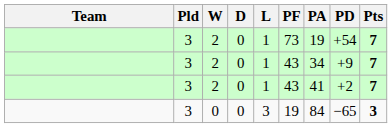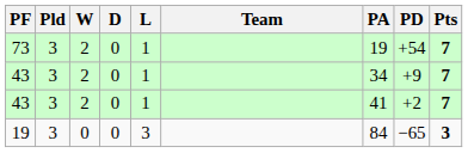 <table class="wikitable" style="text-align:center;">
 <tr>
-<th width=175>Team</th>
+<th width=20 abbr="Points for">PF</th>
 <th width=20 abbr="Played">Pld</th>
 <th width=20 abbr="Won">W</th>
 <th width=20 abbr="Drawn">D</th>
 <th width=20 abbr="Lost">L</th>
-<th width=20 abbr="Points for">PF</th>
+<th width=175>Team</th>
 <th width=20 abbr="Points against">PA</th>
 <th width=25 abbr="Points difference">PD</th>
 <th width=20 abbr="Points">Pts</th>
 </tr>
 <tr bgcolor=ccffcc>
-<td style="text-align:left;"></td>
+<td>73</td>
 <td>3</td>
 <td>2</td>
 <td>0</td>
 <td>1</td>
-<td>73</td>
+<td style="text-align:left;"></td>
 <td>19</td>
 <td>+54</td>
 <td><strong>7</strong></td>
 </tr>
 <tr bgcolor=ccffcc>
-<td style="text-align:left;"></td>
+<td>43</td>
 <td>3</td>
 <td>2</td>
 <td>0</td>
 <td>1</td>
-<td>43</td>
+<td style="text-align:left;"></td>
 <td>34</td>
 <td>+9</td>
 <td><strong>7</strong></td>
 </tr>
 <tr bgcolor=ccffcc>
-<td style="text-align:left;"></td>
+<td>43</td>
 <td>3</td>
 <td>2</td>
 <td>0</td>
 <td>1</td>
-<td>43</td>
+<td style="text-align:left;"></td>
 <td>41</td>
 <td>+2</td>
 <td><strong>7</strong></td>
 </tr>
 <tr>
-<td style="text-align:left;"></td>
+<td>19</td>
 <td>3</td>
 <td>0</td>
 <td>0</td>
 <td>3</td>
-<td>19</td>
+<td style="text-align:left;"></td>
 <td>84</td>
 <td>−65</td>
 <td><strong>3</strong></td>
 </tr>
 </table>
